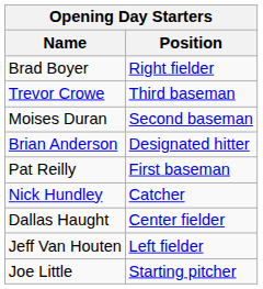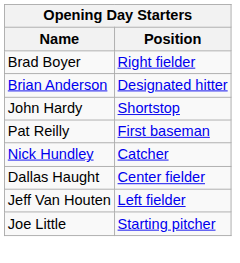 <table class="wikitable">
 <tr>
 <th colspan="2">Opening Day Starters</th>
 </tr>
 <tr>
 <th>Name</th>
 <th>Position</th>
 </tr>
 <tr>
 <td>Brad Boyer</td>
 <td><a href='#'>Right fielder</a></td>
 </tr>
 <tr>
-<td><a href='#'>Trevor Crowe</a></td>
-<td><a href='#'>Third baseman</a></td>
+<td><a href='#'>Brian Anderson</a></td>
+<td><a href='#'>Designated hitter</a></td>
 </tr>
 <tr>
-<td>Moises Duran</td>
-<td><a href='#'>Second baseman</a></td>
-</tr>
-<tr>
-<td><a href='#'>Brian Anderson</a></td>
-<td><a href='#'>Designated hitter</a></td>
+<td>John Hardy</td>
+<td><a href='#'>Shortstop</a></td>
 </tr>
 <tr>
 <td>Pat Reilly</td>
 <td><a href='#'>First baseman</a></td>
 </tr>
 <tr>
 <td><a href='#'>Nick Hundley</a></td>
 <td><a href='#'>Catcher</a></td>
 </tr>
 <tr>
 <td>Dallas Haught</td>
 <td><a href='#'>Center fielder</a></td>
 </tr>
 <tr>
 <td>Jeff Van Houten</td>
 <td><a href='#'>Left fielder</a></td>
 </tr>
 <tr>
 <td>Joe Little</td>
 <td><a href='#'>Starting pitcher</a></td>
 </tr>
 </table>
